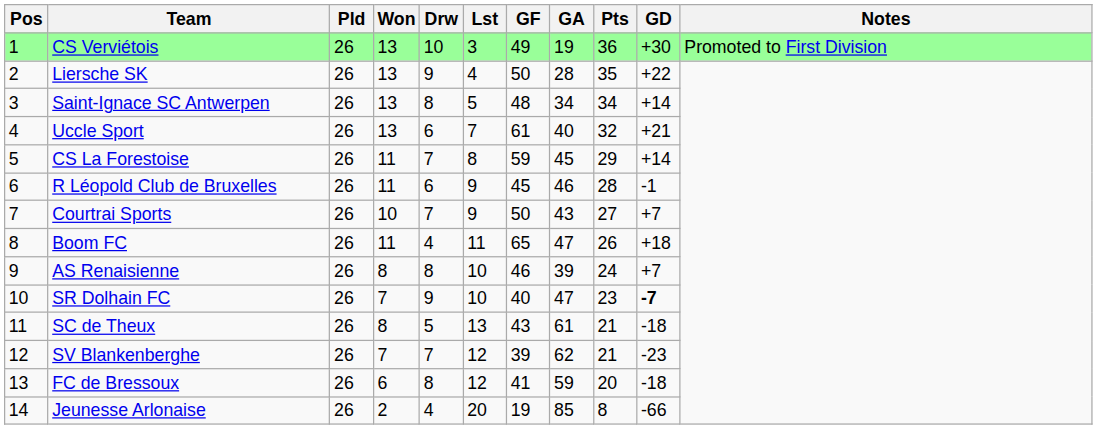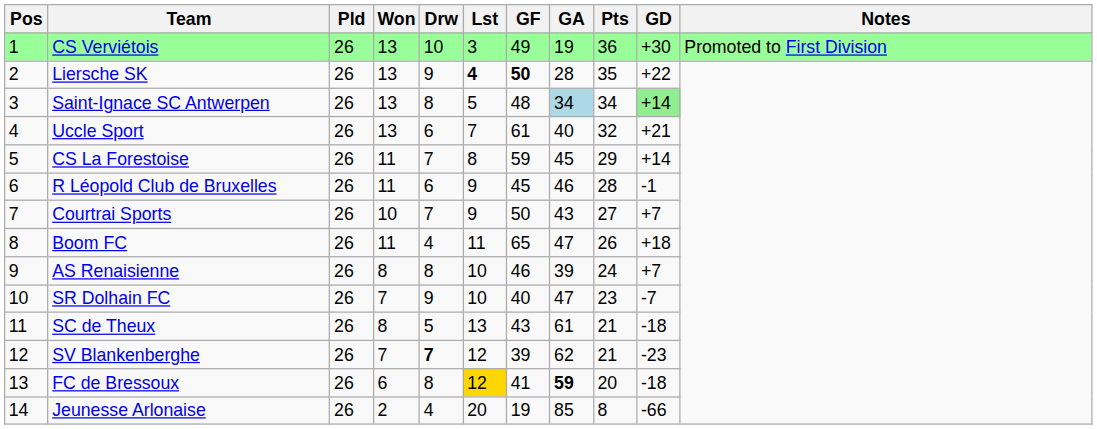 <table class="wikitable" width=70% style="font-size:90%">
 <tr>
 <th width=4%><strong>Pos</strong></th>
 <th width=26%><strong>Team</strong></th>
 <th width=4%><strong>Pld</strong></th>
 <th width=4%><strong>Won</strong></th>
 <th width=4%><strong>Drw</strong></th>
 <th width=4%><strong>Lst</strong></th>
 <th width=4%><strong>GF</strong></th>
 <th width=4%><strong>GA</strong></th>
 <th width=4%><strong>Pts</strong></th>
 <th width=4%><strong>GD</strong></th>
 <th width=38%><strong>Notes</strong></th>
 </tr>
 <tr bgcolor=#99ff99>
 <td>1</td>
 <td><a href='#'>CS Verviétois</a></td>
 <td>26</td>
 <td>13</td>
 <td>10</td>
 <td>3</td>
 <td>49</td>
 <td>19</td>
 <td>36</td>
 <td>+30</td>
 <td>Promoted to <a href='#'>First Division</a></td>
 </tr>
 <tr>
 <td>2</td>
 <td><a href='#'>Liersche SK</a></td>
 <td>26</td>
 <td>13</td>
 <td>9</td>
-<td>4</td>
-<td>50</td>
+<td><strong>4</strong></td>
+<td><strong>50</strong></td>
 <td>28</td>
 <td>35</td>
 <td>+22</td>
 </tr>
 <tr>
 <td>3</td>
 <td><a href='#'>Saint-Ignace SC Antwerpen</a></td>
 <td>26</td>
 <td>13</td>
 <td>8</td>
 <td>5</td>
 <td>48</td>
+<td style="background: lightblue;">34</td>
 <td>34</td>
-<td>34</td>
-<td>+14</td>
+<td style="background: lightgreen;">+14</td>
 </tr>
 <tr>
 <td>4</td>
 <td><a href='#'>Uccle Sport</a></td>
 <td>26</td>
 <td>13</td>
 <td>6</td>
 <td>7</td>
 <td>61</td>
 <td>40</td>
 <td>32</td>
 <td>+21</td>
 </tr>
 <tr>
 <td>5</td>
 <td><a href='#'>CS La Forestoise</a></td>
 <td>26</td>
 <td>11</td>
 <td>7</td>
 <td>8</td>
 <td>59</td>
 <td>45</td>
 <td>29</td>
 <td>+14</td>
 </tr>
 <tr>
 <td>6</td>
 <td><a href='#'>R Léopold Club de Bruxelles</a></td>
 <td>26</td>
 <td>11</td>
 <td>6</td>
 <td>9</td>
 <td>45</td>
 <td>46</td>
 <td>28</td>
 <td>-1</td>
 </tr>
 <tr>
 <td>7</td>
 <td><a href='#'>Courtrai Sports</a></td>
 <td>26</td>
 <td>10</td>
 <td>7</td>
 <td>9</td>
 <td>50</td>
 <td>43</td>
 <td>27</td>
 <td>+7</td>
 </tr>
 <tr>
 <td>8</td>
 <td><a href='#'>Boom FC</a></td>
 <td>26</td>
 <td>11</td>
 <td>4</td>
 <td>11</td>
 <td>65</td>
 <td>47</td>
 <td>26</td>
 <td>+18</td>
 </tr>
 <tr>
 <td>9</td>
 <td><a href='#'>AS Renaisienne</a></td>
 <td>26</td>
 <td>8</td>
 <td>8</td>
 <td>10</td>
 <td>46</td>
 <td>39</td>
 <td>24</td>
 <td>+7</td>
 </tr>
 <tr>
 <td>10</td>
 <td><a href='#'>SR Dolhain FC</a></td>
 <td>26</td>
 <td>7</td>
 <td>9</td>
 <td>10</td>
 <td>40</td>
 <td>47</td>
 <td>23</td>
-<td><strong>-7</strong></td>
+<td>-7</td>
 </tr>
 <tr>
 <td>11</td>
 <td><a href='#'>SC de Theux</a></td>
 <td>26</td>
 <td>8</td>
 <td>5</td>
 <td>13</td>
 <td>43</td>
 <td>61</td>
 <td>21</td>
 <td>-18</td>
 </tr>
 <tr>
 <td>12</td>
 <td><a href='#'>SV Blankenberghe</a></td>
 <td>26</td>
 <td>7</td>
-<td>7</td>
+<td><strong>7</strong></td>
 <td>12</td>
 <td>39</td>
 <td>62</td>
 <td>21</td>
 <td>-23</td>
 </tr>
 <tr>
 <td>13</td>
 <td><a href='#'>FC de Bressoux</a></td>
 <td>26</td>
 <td>6</td>
 <td>8</td>
-<td>12</td>
+<td style="background: gold;">12</td>
 <td>41</td>
-<td>59</td>
+<td><strong>59</strong></td>
 <td>20</td>
 <td>-18</td>
 </tr>
 <tr>
 <td>14</td>
 <td><a href='#'>Jeunesse Arlonaise</a></td>
 <td>26</td>
 <td>2</td>
 <td>4</td>
 <td>20</td>
 <td>19</td>
 <td>85</td>
 <td>8</td>
 <td>-66</td>
 </tr>
 </table>
